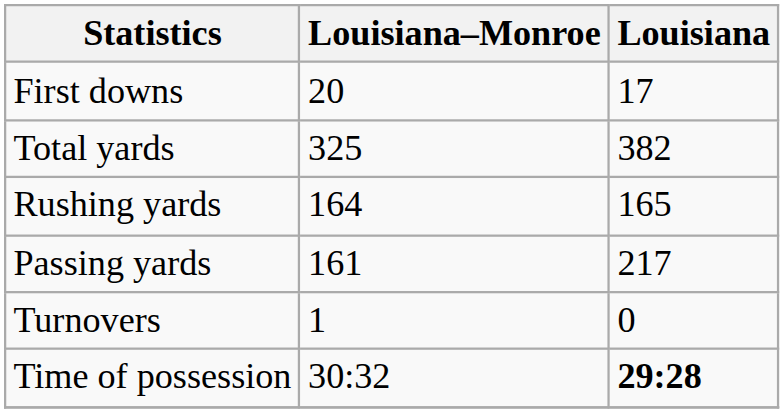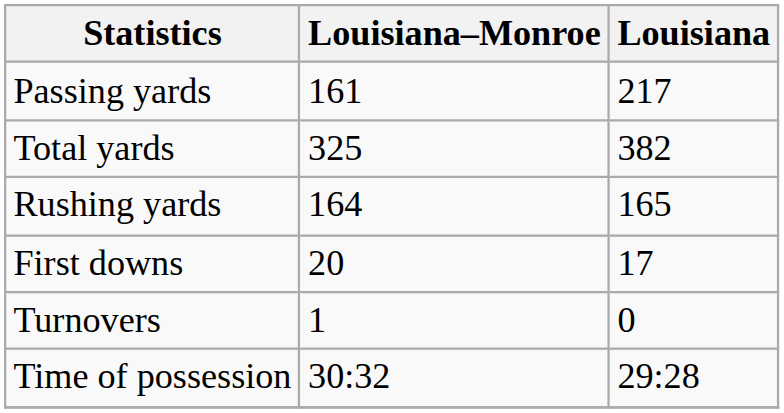 <table class="wikitable">
 <tr>
 <th>Statistics</th>
 <th>Louisiana–Monroe</th>
 <th>Louisiana</th>
 </tr>
 <tr>
-<td>First downs</td>
-<td>20</td>
-<td>17</td>
+<td>Passing yards</td>
+<td>161</td>
+<td>217</td>
 </tr>
 <tr>
 <td>Total yards</td>
 <td>325</td>
 <td>382</td>
 </tr>
 <tr>
 <td>Rushing yards</td>
 <td>164</td>
 <td>165</td>
 </tr>
 <tr>
-<td>Passing yards</td>
-<td>161</td>
-<td>217</td>
+<td>First downs</td>
+<td>20</td>
+<td>17</td>
 </tr>
 <tr>
 <td>Turnovers</td>
 <td>1</td>
 <td>0</td>
 </tr>
 <tr>
 <td>Time of possession</td>
 <td>30:32</td>
-<td><strong>29:28</strong></td>
+<td>29:28</td>
 </tr>
 <tr>
 </tr>
 </table>
